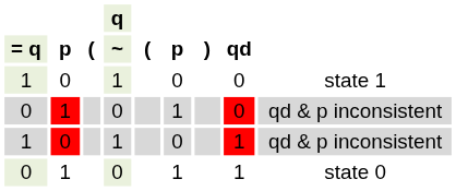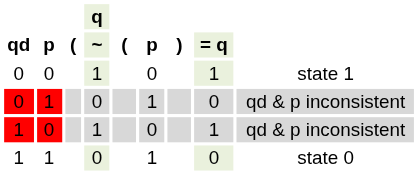 <table>
 <tr style="font-size:9pt" align="center">
-<th width="23.25"></th>
+<th width="16.5" Height="12"></th>
 <th width="14.25"></th>
 <th width="8.25"></th>
 <th style="background-color:#EAF1DD;font-weight:bold" width="14.25">q</th>
 <th style="font-weight:bold" width="12.75"></th>
 <th width="14.25"></th>
 <th width="12.75"></th>
-<th width="16.5" Height="12"></th>
+<th width="23.25"></th>
 <th width="111"></th>
 </tr>
 <tr style="font-size:9pt" align="center">
-<th style="background-color:#EAF1DD;font-weight:bold">= q</th>
+<th style="font-weight:bold" Height="12">qd</th>
 <th style="font-weight:bold">p</th>
 <th style="font-weight:bold">(</th>
 <th style="background-color:#EAF1DD;font-weight:bold">~</th>
 <th style="font-weight:bold">(</th>
 <th style="font-weight:bold">p</th>
 <th style="font-weight:bold">)</th>
-<th style="font-weight:bold" Height="12">qd</th>
+<th style="background-color:#EAF1DD;font-weight:bold">= q</th>
 <th></th>
 </tr>
 <tr style="font-size:9pt" align="center">
-<td style="background-color:#EAF1DD">1</td>
+<td Height="12">0</td>
 <td>0</td>
 <td></td>
 <td style="background-color:#EAF1DD">1</td>
 <td></td>
 <td>0</td>
 <td></td>
-<td Height="12">0</td>
+<td style="background-color:#EAF1DD">1</td>
 <td>state 1</td>
 </tr>
 <tr style="font-size:9pt" align="center">
-<td style="background-color:#D8D8D8">0</td>
+<td style="background-color:red" Height="12">0</td>
 <td style="background-color:red">1</td>
 <td style="background-color:#D8D8D8"></td>
 <td style="background-color:#D8D8D8">0</td>
 <td style="background-color:#D8D8D8"></td>
 <td style="background-color:#D8D8D8">1</td>
 <td style="background-color:#D8D8D8"></td>
-<td style="background-color:red" Height="12">0</td>
+<td style="background-color:#D8D8D8">0</td>
 <td style="background-color:#D8D8D8">qd & p inconsistent</td>
 </tr>
 <tr style="font-size:9pt" align="center">
-<td style="background-color:#D8D8D8">1</td>
+<td style="background-color:red" Height="12">1</td>
 <td style="background-color:red">0</td>
 <td style="background-color:#D8D8D8"></td>
 <td style="background-color:#D8D8D8">1</td>
 <td style="background-color:#D8D8D8"></td>
 <td style="background-color:#D8D8D8">0</td>
 <td style="background-color:#D8D8D8"></td>
-<td style="background-color:red" Height="12">1</td>
+<td style="background-color:#D8D8D8">1</td>
 <td style="background-color:#D8D8D8">qd & p inconsistent</td>
 </tr>
 <tr style="font-size:9pt" align="center">
-<td style="background-color:#EAF1DD">0</td>
+<td Height="12">1</td>
 <td>1</td>
 <td></td>
 <td style="background-color:#EAF1DD">0</td>
 <td></td>
 <td>1</td>
 <td></td>
-<td Height="12">1</td>
+<td style="background-color:#EAF1DD">0</td>
 <td>state 0</td>
 </tr>
 </table>
